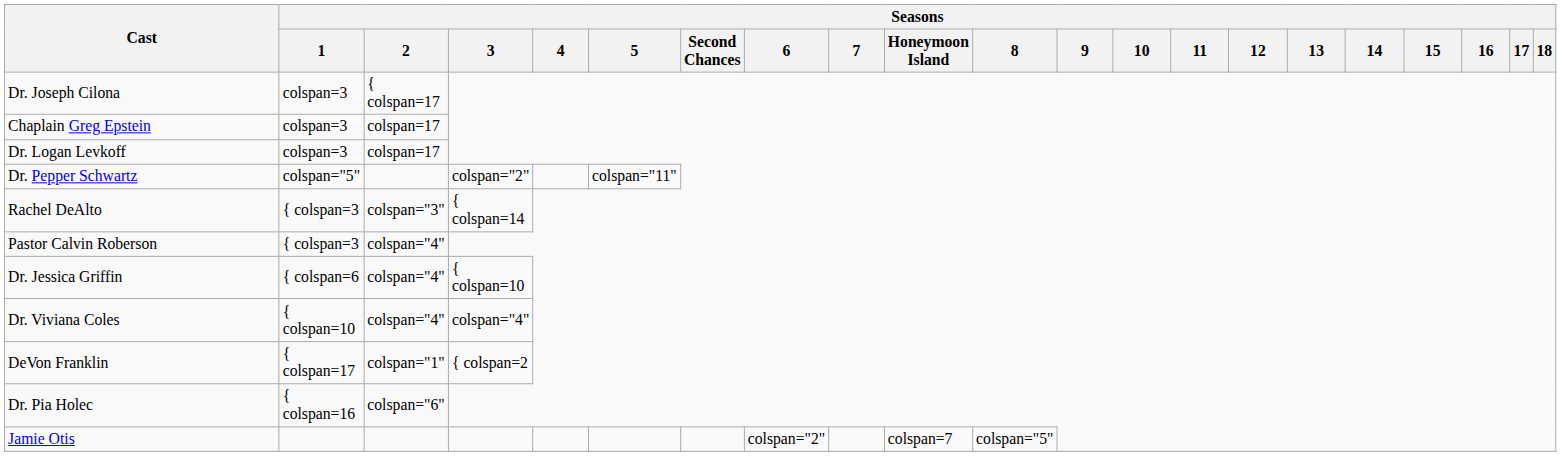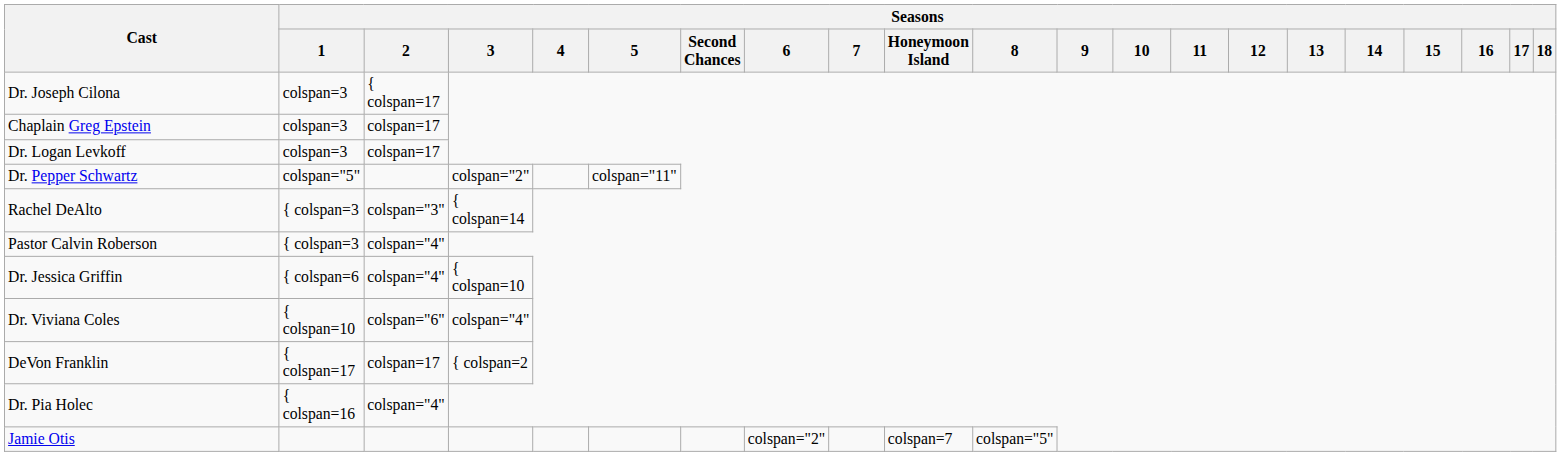 <table class="wikitable plainrowheaders" style="width:100%;">
 <tr>
 <th scope="col" rowspan="2" style="width:25%;">Cast</th>
 <th scope="col" colspan="20">Seasons</th>
 </tr>
 <tr>
 <th scope="col" style="width:2%;">1</th>
 <th scope="col" style="width:5%;">2</th>
 <th scope="col" style="width:5%;">3</th>
 <th scope="col" style="width:5%;">4</th>
 <th scope="col" style="width:2%;">5</th>
 <th scope="col" style="width:1%;">Second Chances</th>
 <th scope="col" style="width:5%;">6</th>
 <th scope="col" style="width:5%;">7</th>
 <th scope="col" style="width:1%;">Honeymoon Island</th>
 <th scope="col" style="width:5%;">8</th>
 <th scope="col" style="width:5%;">9</th>
 <th scope="col" style="width:5%;">10</th>
 <th scope="col" style="width:5%;">11</th>
 <th scope="col" style="width:5%;">12</th>
 <th scope="col" style="width:5%;">13</th>
 <th scope="col" style="width:5%;">14</th>
 <th scope="col" style="width:5%;">15</th>
 <th scope="col" style="width:5%;">16</th>
 <th scope="col" style="width:5%;">17</th>
 <th scope="col" style="width:5%;">18</th>
 </tr>
 <tr>
 <td scope=row>Dr. Joseph Cilona</td>
 <td>colspan=3 </td>
 <td>{ colspan=17 </td>
 </tr>
 <tr>
 <td>Chaplain <a href='#'>Greg Epstein</a></td>
 <td>colspan=3 </td>
 <td>colspan=17 </td>
 </tr>
 <tr>
 <td scope=row>Dr. Logan Levkoff</td>
 <td>colspan=3 </td>
 <td>colspan=17 </td>
 </tr>
 <tr>
 <td>Dr. <a href='#'>Pepper Schwartz</a></td>
 <td>colspan="5" </td>
 <td></td>
 <td>colspan="2" </td>
 <td></td>
 <td>colspan="11" </td>
 </tr>
 <tr>
 <td scope=row>Rachel DeAlto</td>
 <td>{ colspan=3 </td>
 <td>colspan="3" </td>
 <td>{ colspan=14 </td>
 </tr>
 <tr>
 <td scope=row>Pastor Calvin Roberson</td>
 <td>{ colspan=3 </td>
 <td>colspan="4" </td>
 </tr>
 <tr>
 <td scope=row>Dr. Jessica Griffin</td>
 <td>{ colspan=6 </td>
 <td>colspan="4" </td>
 <td>{ colspan=10 </td>
 </tr>
 <tr>
 <td scope=row>Dr. Viviana Coles</td>
 <td>{ colspan=10 </td>
-<td>colspan="4" </td>
+<td>colspan="6" </td>
 <td>colspan="4" </td>
 </tr>
 <tr>
 <td scope=row>DeVon Franklin</td>
 <td>{ colspan=17 </td>
-<td>colspan="1" </td>
+<td>colspan=17 </td>
 <td>{ colspan=2 </td>
 </tr>
 <tr>
 <td scope=row>Dr. Pia Holec</td>
 <td>{ colspan=16 </td>
-<td>colspan="6" </td>
+<td>colspan="4" </td>
 </tr>
 <tr>
 <td><a href='#'>Jamie Otis</a></td>
 <td></td>
 <td></td>
 <td></td>
 <td></td>
 <td></td>
 <td></td>
 <td>colspan="2" </td>
 <td></td>
 <td>colspan=7 </td>
 <td>colspan="5" </td>
 </tr>
 </table>
